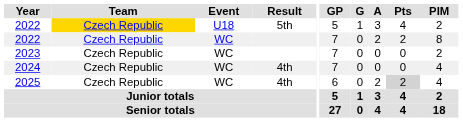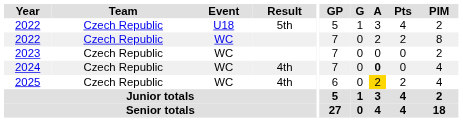 <table border="0" cellpadding="1" cellspacing="0" ID="Table3" style="text-align:center; width:40em">
 <tr ALIGN="center" bgcolor="#e0e0e0">
 <th>Year</th>
 <th>Team</th>
 <th>Event</th>
 <th>Result</th>
 <th rowspan="99" bgcolor="#ffffff"></th>
 <th>GP</th>
 <th>G</th>
 <th>A</th>
 <th>Pts</th>
 <th>PIM</th>
 </tr>
 <tr>
 <td><a href='#'>2022</a></td>
-<td style="background: gold;"><a href='#'>Czech Republic</a></td>
+<td><a href='#'>Czech Republic</a></td>
 <td><a href='#'>U18</a></td>
 <td>5th</td>
 <td>5</td>
 <td>1</td>
 <td>3</td>
 <td>4</td>
 <td>2</td>
 </tr>
 <tr bgcolor="#f0f0f0">
 <td><a href='#'>2022</a></td>
 <td><a href='#'>Czech Republic</a></td>
 <td><a href='#'>WC</a></td>
 <td></td>
 <td>7</td>
 <td>0</td>
 <td>2</td>
 <td>2</td>
 <td>8</td>
 </tr>
 <tr>
 <td><a href='#'>2023</a></td>
 <td>Czech Republic</td>
 <td>WC</td>
 <td></td>
 <td>7</td>
 <td>0</td>
 <td>0</td>
 <td>0</td>
 <td>2</td>
 </tr>
 <tr bgcolor="#f0f0f0">
 <td><a href='#'>2024</a></td>
 <td>Czech Republic</td>
 <td>WC</td>
 <td>4th</td>
 <td>7</td>
 <td>0</td>
-<td>0</td>
+<td><strong>0</strong></td>
 <td>0</td>
 <td>4</td>
 </tr>
 <tr>
 <td><a href='#'>2025</a></td>
 <td>Czech Republic</td>
 <td>WC</td>
 <td>4th</td>
 <td>6</td>
 <td>0</td>
+<td style="background: gold;">2</td>
 <td>2</td>
-<td style="background: lightgrey;">2</td>
 <td>4</td>
 </tr>
 <tr bgcolor="#e0e0e0">
 <th colspan="4">Junior totals</th>
 <th>5</th>
 <th>1</th>
 <th>3</th>
 <th>4</th>
 <th>2</th>
 </tr>
 <tr bgcolor="#e0e0e0">
 <th colspan="4">Senior totals</th>
 <th>27</th>
 <th>0</th>
 <th>4</th>
 <th>4</th>
 <th>18</th>
 </tr>
 </table>
